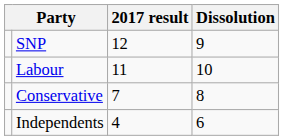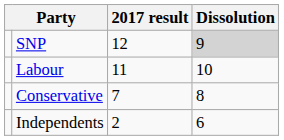 <table class="wikitable">
 <tr>
 <th scope="col"; colspan="2">Party</th>
 <th scope="col">2017 result</th>
 <th scope="col">Dissolution</th>
 </tr>
 <tr>
 <td style="background:"></td>
 <td scope="row"><a href='#'>SNP</a></td>
 <td>12</td>
-<td>9</td>
+<td style="background: lightgrey;">9</td>
 </tr>
 <tr>
 <td style="background:"></td>
 <td scope="row"><a href='#'>Labour</a></td>
 <td>11</td>
 <td>10</td>
 </tr>
 <tr>
 <td style="background:"></td>
 <td scope="row"><a href='#'>Conservative</a></td>
 <td>7</td>
 <td>8</td>
 </tr>
 <tr>
 <td style="background:"></td>
 <td scope="row">Independents</td>
-<td>4</td>
+<td>2</td>
 <td>6</td>
 </tr>
 </table>
